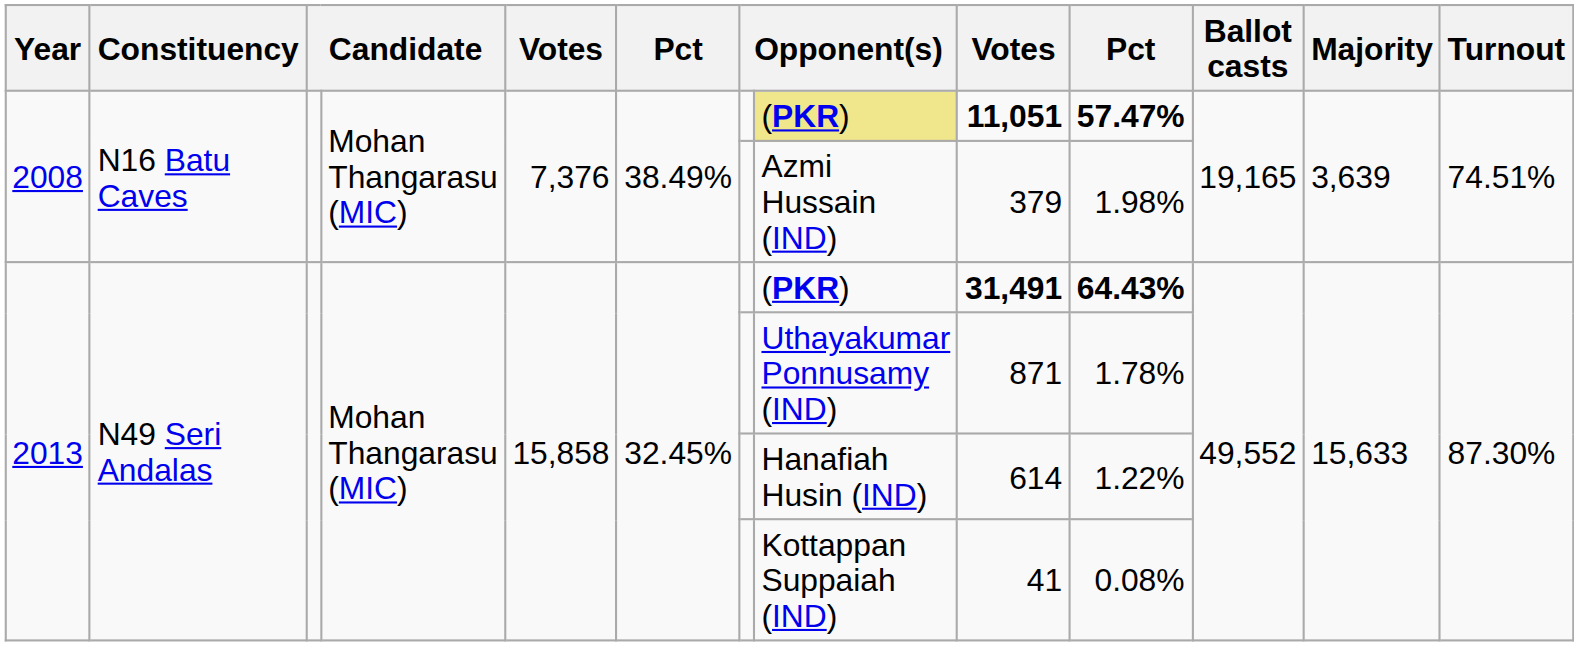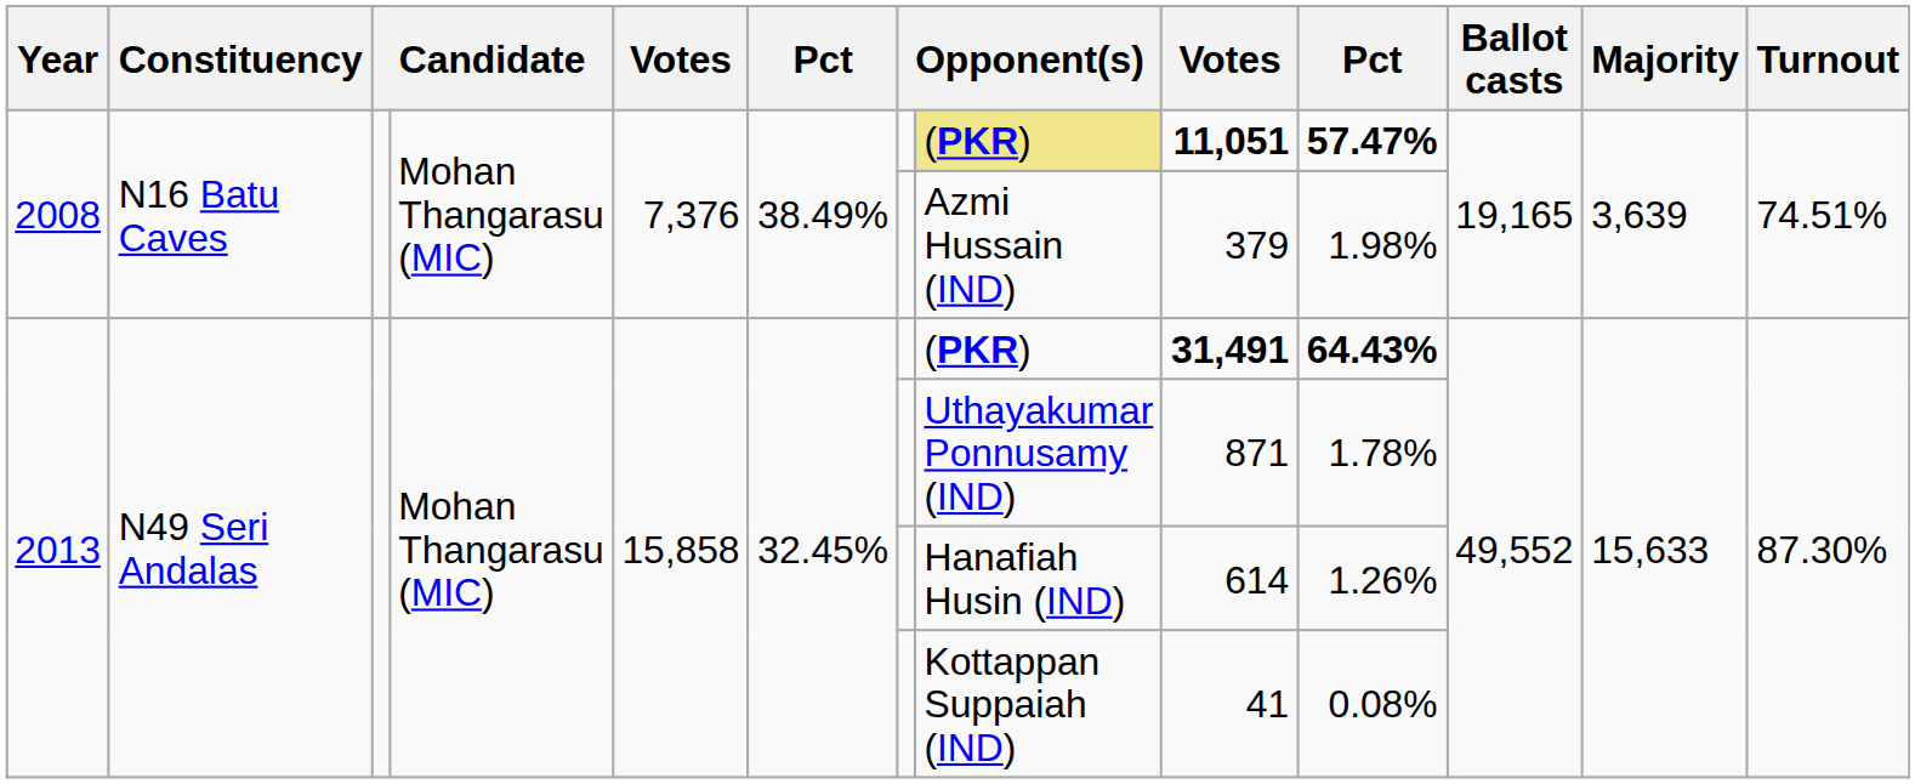 <table class="wikitable" style="margin:0.5em ; font-size:95%">
 <tr>
 <th>Year</th>
 <th>Constituency</th>
 <th colspan=2>Candidate</th>
 <th>Votes</th>
 <th>Pct</th>
 <th colspan=2>Opponent(s)</th>
 <th>Votes</th>
 <th>Pct</th>
 <th>Ballot casts</th>
 <th>Majority</th>
 <th>Turnout</th>
 </tr>
 <tr>
 <td rowspan=2><a href='#'>2008</a></td>
 <td rowspan=2>N16 <a href='#'>Batu Caves</a></td>
 <td rowspan=2 ></td>
 <td rowspan=2>Mohan Thangarasu (<a href='#'>MIC</a>)</td>
 <td rowspan=2 align=right>7,376</td>
 <td rowspan=2>38.49%</td>
 <td></td>
 <td style="background: khaki;"> (<a href='#'><strong>PKR</strong></a>)</td>
 <td align=right><strong>11,051</strong></td>
 <td><strong>57.47%</strong></td>
 <td rowspan=2>19,165</td>
 <td rowspan=2>3,639</td>
 <td rowspan=2>74.51%</td>
 </tr>
 <tr>
 <td></td>
 <td>Azmi Hussain (<a href='#'>IND</a>)</td>
 <td align=right>379</td>
 <td align=right>1.98%</td>
 </tr>
 <tr>
 <td rowspan=4><a href='#'>2013</a></td>
 <td rowspan=4>N49 <a href='#'>Seri Andalas</a></td>
 <td rowspan=4 ></td>
 <td rowspan=4>Mohan Thangarasu (<a href='#'>MIC</a>)</td>
 <td rowspan=4 align=right>15,858</td>
 <td rowspan=4>32.45%</td>
 <td></td>
 <td> (<a href='#'><strong>PKR</strong></a>)</td>
 <td align=right><strong>31,491</strong></td>
 <td><strong>64.43%</strong></td>
 <td rowspan=4>49,552</td>
 <td rowspan=4>15,633</td>
 <td rowspan=4>87.30%</td>
 </tr>
 <tr>
 <td></td>
 <td><a href='#'>Uthayakumar Ponnusamy</a> (<a href='#'>IND</a>)</td>
 <td align=right>871</td>
 <td align=right>1.78%</td>
 </tr>
 <tr>
 <td></td>
 <td>Hanafiah Husin (<a href='#'>IND</a>)</td>
 <td align=right>614</td>
-<td align=right>1.22%</td>
+<td align=right>1.26%</td>
 </tr>
 <tr>
 <td></td>
 <td>Kottappan Suppaiah (<a href='#'>IND</a>)</td>
 <td align=right>41</td>
 <td align=right>0.08%</td>
 </tr>
 </table>
